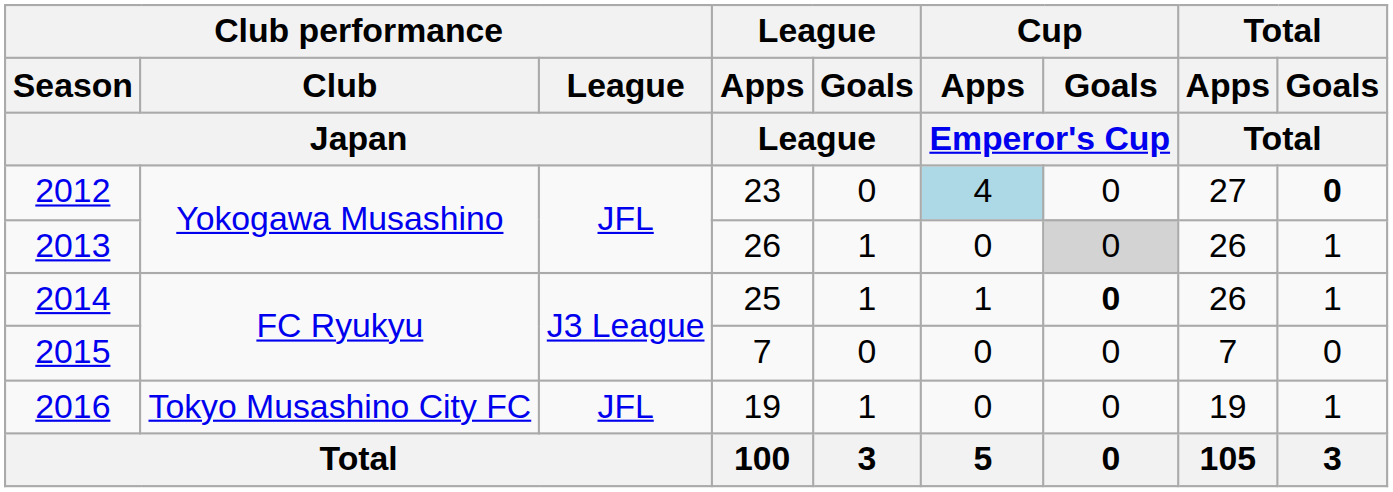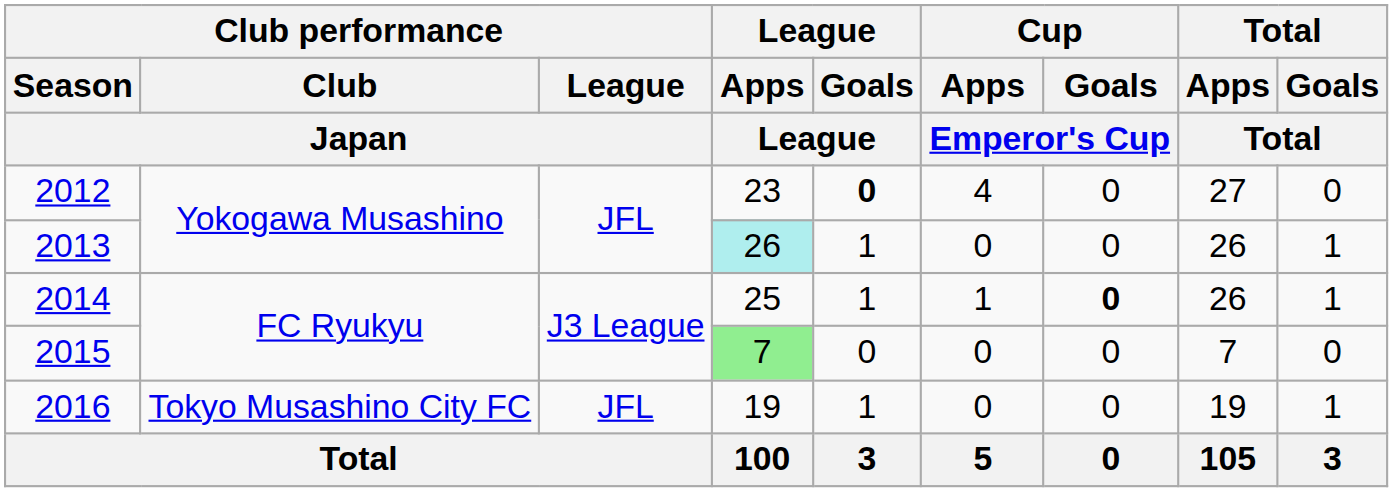 <table class="wikitable" style="text-align:center;">
 <tr>
 <th colspan=3>Club performance</th>
 <th colspan=2>League</th>
 <th colspan=2>Cup</th>
 <th colspan=2>Total</th>
 </tr>
 <tr>
 <th>Season</th>
 <th>Club</th>
 <th>League</th>
 <th>Apps</th>
 <th>Goals</th>
 <th>Apps</th>
 <th>Goals</th>
 <th>Apps</th>
 <th>Goals</th>
 </tr>
 <tr>
 <th colspan=3>Japan</th>
 <th colspan=2>League</th>
 <th colspan=2><a href='#'>Emperor's Cup</a></th>
 <th colspan=2>Total</th>
 </tr>
 <tr>
 <td><a href='#'>2012</a></td>
 <td rowspan="2"><a href='#'>Yokogawa Musashino</a></td>
 <td rowspan="2"><a href='#'>JFL</a></td>
 <td>23</td>
-<td>0</td>
-<td style="background: lightblue;">4</td>
+<td><strong>0</strong></td>
+<td>4</td>
 <td>0</td>
 <td>27</td>
-<td><strong>0</strong></td>
+<td>0</td>
 </tr>
 <tr>
 <td><a href='#'>2013</a></td>
-<td>26</td>
+<td style="background: paleturquoise;">26</td>
 <td>1</td>
 <td>0</td>
-<td style="background: lightgrey;">0</td>
+<td>0</td>
 <td>26</td>
 <td>1</td>
 </tr>
 <tr>
 <td><a href='#'>2014</a></td>
 <td rowspan="2"><a href='#'>FC Ryukyu</a></td>
 <td rowspan="2"><a href='#'>J3 League</a></td>
 <td>25</td>
 <td>1</td>
 <td>1</td>
 <td><strong>0</strong></td>
 <td>26</td>
 <td>1</td>
 </tr>
 <tr>
 <td><a href='#'>2015</a></td>
-<td>7</td>
+<td style="background: lightgreen;">7</td>
 <td>0</td>
 <td>0</td>
 <td>0</td>
 <td>7</td>
 <td>0</td>
 </tr>
 <tr>
 <td><a href='#'>2016</a></td>
 <td><a href='#'>Tokyo Musashino City FC</a></td>
 <td><a href='#'>JFL</a></td>
 <td>19</td>
 <td>1</td>
 <td>0</td>
 <td>0</td>
 <td>19</td>
 <td>1</td>
 </tr>
 <tr>
 <th colspan=3>Total</th>
 <th>100</th>
 <th>3</th>
 <th>5</th>
 <th>0</th>
 <th>105</th>
 <th>3</th>
 </tr>
 </table>
